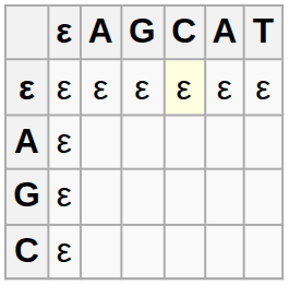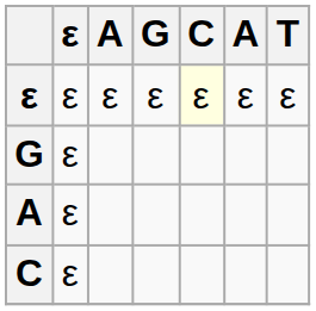 <table class="wikitable" style="text-align:center">
 <tr>
 <th></th>
 <th>ε</th>
 <th>A</th>
 <th>G</th>
 <th>C</th>
 <th>A</th>
 <th>T</th>
 </tr>
 <tr>
 <th>ε</th>
 <td>ε</td>
 <td>ε</td>
 <td>ε</td>
 <td style="background: lightyellow;">ε</td>
 <td>ε</td>
 <td>ε</td>
 </tr>
 <tr>
-<th>A</th>
+<th>G</th>
 <td>ε</td>
 <td></td>
 <td></td>
 <td></td>
 <td></td>
 <td></td>
 </tr>
 <tr>
-<th>G</th>
+<th>A</th>
 <td>ε</td>
 <td></td>
 <td></td>
 <td></td>
 <td></td>
 <td></td>
 </tr>
 <tr>
 <th>C</th>
 <td>ε</td>
 <td></td>
 <td></td>
 <td></td>
 <td></td>
 <td></td>
 </tr>
 <tr>
 </tr>
 </table>
